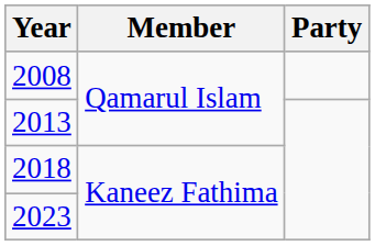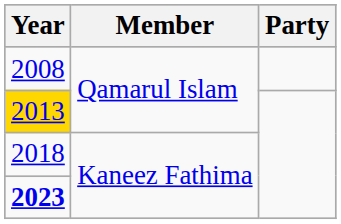 <table class="wikitable sortable">
 <tr>
 <th>Year</th>
 <th>Member</th>
 <th colspan=2>Party</th>
 </tr>
 <tr>
 <td><a href='#'>2008</a></td>
 <td rowspan="2"><a href='#'>Qamarul Islam</a></td>
 <td></td>
 </tr>
 <tr>
-<td><a href='#'>2013</a></td>
+<td style="background: gold;"><a href='#'>2013</a></td>
 </tr>
 <tr>
 <td><a href='#'>2018</a></td>
 <td rowspan="2"><a href='#'>Kaneez Fathima</a></td>
 </tr>
 <tr>
-<td><a href='#'>2023</a></td>
+<td><strong><a href='#'>2023</a></strong></td>
 </tr>
 </table>
